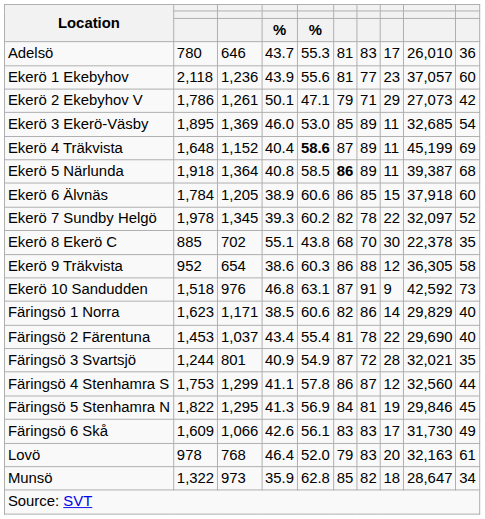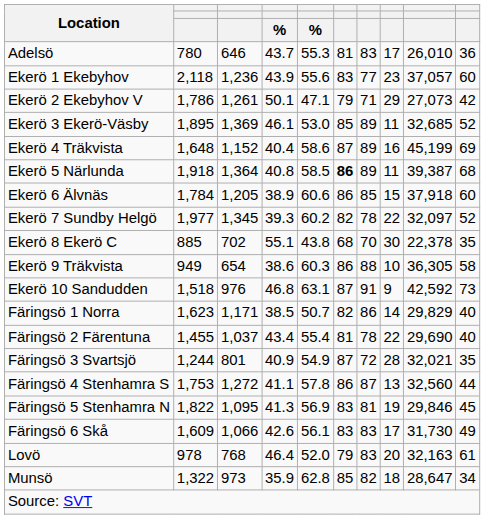 <table role="presentation" class="wikitable sortable mw-collapsible">
 <tr>
 <th rowspan="3">Location</th>
 <th></th>
 <th></th>
 <th></th>
 <th></th>
 <th></th>
 <th></th>
 <th></th>
 <th></th>
 <th></th>
 </tr>
 <tr>
 <th></th>
 <th></th>
 <th style="background:"></th>
 <th style="background:"></th>
 <th></th>
 <th></th>
 <th></th>
 <th></th>
 <th></th>
 </tr>
 <tr>
 <th data-sort-type="number"></th>
 <th data-sort-type="number"></th>
 <th data-sort-type="number">%</th>
 <th data-sort-type="number">%</th>
 <th data-sort-type="number"></th>
 <th data-sort-type="number"></th>
 <th data-sort-type="number"></th>
 <th data-sort-type="number"></th>
 <th data-sort-type="number"></th>
 </tr>
 <tr>
 <td align="left">Adelsö</td>
 <td>780</td>
 <td>646</td>
 <td>43.7</td>
 <td>55.3</td>
 <td>81</td>
 <td>83</td>
 <td>17</td>
 <td>26,010</td>
 <td>36</td>
 </tr>
 <tr>
 <td align="left">Ekerö 1 Ekebyhov</td>
 <td>2,118</td>
 <td>1,236</td>
 <td>43.9</td>
 <td>55.6</td>
-<td>81</td>
+<td>83</td>
 <td>77</td>
 <td>23</td>
 <td>37,057</td>
 <td>60</td>
 </tr>
 <tr>
 <td align="left">Ekerö 2 Ekebyhov V</td>
 <td>1,786</td>
 <td>1,261</td>
 <td>50.1</td>
 <td>47.1</td>
 <td>79</td>
 <td>71</td>
 <td>29</td>
 <td>27,073</td>
 <td>42</td>
 </tr>
 <tr>
 <td align="left">Ekerö 3 Ekerö-Väsby</td>
 <td>1,895</td>
 <td>1,369</td>
-<td>46.0</td>
+<td>46.1</td>
 <td>53.0</td>
 <td>85</td>
 <td>89</td>
 <td>11</td>
 <td>32,685</td>
-<td>54</td>
+<td>52</td>
 </tr>
 <tr>
 <td align="left">Ekerö 4 Träkvista</td>
 <td>1,648</td>
 <td>1,152</td>
 <td>40.4</td>
-<td><strong>58.6</strong></td>
+<td>58.6</td>
 <td>87</td>
 <td>89</td>
-<td>11</td>
+<td>16</td>
 <td>45,199</td>
 <td>69</td>
 </tr>
 <tr>
 <td align="left">Ekerö 5 Närlunda</td>
 <td>1,918</td>
 <td>1,364</td>
 <td>40.8</td>
 <td>58.5</td>
 <td><strong>86</strong></td>
 <td>89</td>
 <td>11</td>
 <td>39,387</td>
 <td>68</td>
 </tr>
 <tr>
 <td align="left">Ekerö 6 Älvnäs</td>
 <td>1,784</td>
 <td>1,205</td>
 <td>38.9</td>
 <td>60.6</td>
 <td>86</td>
 <td>85</td>
 <td>15</td>
 <td>37,918</td>
 <td>60</td>
 </tr>
 <tr>
 <td align="left">Ekerö 7 Sundby Helgö</td>
-<td>1,978</td>
+<td>1,977</td>
 <td>1,345</td>
 <td>39.3</td>
 <td>60.2</td>
 <td>82</td>
 <td>78</td>
 <td>22</td>
 <td>32,097</td>
 <td>52</td>
 </tr>
 <tr>
 <td align="left">Ekerö 8 Ekerö C</td>
 <td>885</td>
 <td>702</td>
 <td>55.1</td>
 <td>43.8</td>
 <td>68</td>
 <td>70</td>
 <td>30</td>
 <td>22,378</td>
 <td>35</td>
 </tr>
 <tr>
 <td align="left">Ekerö 9 Träkvista</td>
-<td>952</td>
+<td>949</td>
 <td>654</td>
 <td>38.6</td>
 <td>60.3</td>
 <td>86</td>
 <td>88</td>
-<td>12</td>
+<td>10</td>
 <td>36,305</td>
 <td>58</td>
 </tr>
 <tr>
 <td align="left">Ekerö 10 Sandudden</td>
 <td>1,518</td>
 <td>976</td>
 <td>46.8</td>
 <td>63.1</td>
 <td>87</td>
 <td>91</td>
 <td>9</td>
 <td>42,592</td>
 <td>73</td>
 </tr>
 <tr>
 <td align="left">Färingsö 1 Norra</td>
 <td>1,623</td>
 <td>1,171</td>
 <td>38.5</td>
-<td>60.6</td>
+<td>50.7</td>
 <td>82</td>
 <td>86</td>
 <td>14</td>
 <td>29,829</td>
 <td>40</td>
 </tr>
 <tr>
 <td align="left">Färingsö 2 Färentuna</td>
-<td>1,453</td>
+<td>1,455</td>
 <td>1,037</td>
 <td>43.4</td>
 <td>55.4</td>
 <td>81</td>
 <td>78</td>
 <td>22</td>
 <td>29,690</td>
 <td>40</td>
 </tr>
 <tr>
 <td align="left">Färingsö 3 Svartsjö</td>
 <td>1,244</td>
 <td>801</td>
 <td>40.9</td>
 <td>54.9</td>
 <td>87</td>
 <td>72</td>
 <td>28</td>
 <td>32,021</td>
 <td>35</td>
 </tr>
 <tr>
 <td align="left">Färingsö 4 Stenhamra S</td>
 <td>1,753</td>
-<td>1,299</td>
+<td>1,272</td>
 <td>41.1</td>
 <td>57.8</td>
 <td>86</td>
 <td>87</td>
-<td>12</td>
+<td>13</td>
 <td>32,560</td>
 <td>44</td>
 </tr>
 <tr>
 <td align="left">Färingsö 5 Stenhamra N</td>
 <td>1,822</td>
-<td>1,295</td>
+<td>1,095</td>
 <td>41.3</td>
 <td>56.9</td>
-<td>84</td>
+<td>83</td>
 <td>81</td>
 <td>19</td>
 <td>29,846</td>
 <td>45</td>
 </tr>
 <tr>
 <td align="left">Färingsö 6 Skå</td>
 <td>1,609</td>
 <td>1,066</td>
 <td>42.6</td>
 <td>56.1</td>
 <td>83</td>
 <td>83</td>
 <td>17</td>
 <td>31,730</td>
 <td>49</td>
 </tr>
 <tr>
 <td align="left">Lovö</td>
 <td>978</td>
 <td>768</td>
 <td>46.4</td>
 <td>52.0</td>
 <td>79</td>
 <td>83</td>
 <td>20</td>
 <td>32,163</td>
 <td>61</td>
 </tr>
 <tr>
 <td align="left">Munsö</td>
 <td>1,322</td>
 <td>973</td>
 <td>35.9</td>
 <td>62.8</td>
 <td>85</td>
 <td>82</td>
 <td>18</td>
 <td>28,647</td>
 <td>34</td>
 </tr>
 <tr>
 <td colspan="10" align="left">Source: <a href='#'>SVT</a></td>
 </tr>
 </table>
